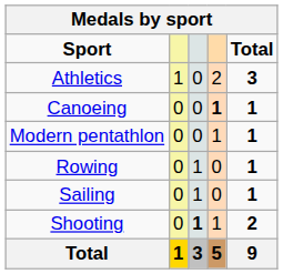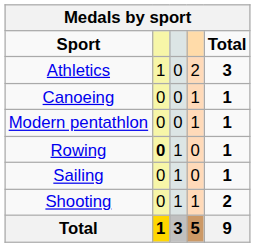 <table class=wikitable style="font-size:85%; float:right;text-align:center">
 <tr bgcolor=EFEFEF>
 <th colspan=7>Medals by sport</th>
 </tr>
 <tr>
 <td><strong>Sport</strong></td>
 <td bgcolor=F7F6A8></td>
 <td bgcolor=DCE5E5></td>
 <td bgcolor=FFDBA9></td>
 <td><strong>Total</strong></td>
 </tr>
 <tr>
 <td><a href='#'>Athletics</a></td>
 <td bgcolor=F7F6A8>1</td>
 <td bgcolor=DCE5E5>0</td>
 <td bgcolor=FFDAB9>2</td>
 <td><strong>3</strong></td>
 </tr>
 <tr>
 <td><a href='#'>Canoeing</a></td>
 <td bgcolor=F7F6A8>0</td>
 <td bgcolor=DCE5E5>0</td>
-<td bgcolor=FFDAB9><strong>1</strong></td>
+<td bgcolor=FFDAB9>1</td>
 <td><strong>1</strong></td>
 </tr>
 <tr>
 <td><a href='#'>Modern pentathlon</a></td>
 <td bgcolor=F7F6A8>0</td>
 <td bgcolor=DCE5E5>0</td>
 <td bgcolor=FFDAB9>1</td>
 <td><strong>1</strong></td>
 </tr>
 <tr>
 <td><a href='#'>Rowing</a></td>
-<td bgcolor=F7F6A8>0</td>
+<td bgcolor=F7F6A8><strong>0</strong></td>
 <td bgcolor=DCE5E5>1</td>
 <td bgcolor=FFDAB9>0</td>
 <td><strong>1</strong></td>
 </tr>
 <tr>
 <td><a href='#'>Sailing</a></td>
 <td bgcolor=F7F6A8>0</td>
 <td bgcolor=DCE5E5>1</td>
 <td bgcolor=FFDAB9>0</td>
 <td><strong>1</strong></td>
 </tr>
 <tr>
 <td><a href='#'>Shooting</a></td>
 <td bgcolor=F7F6A8>0</td>
-<td bgcolor=DCE5E5><strong>1</strong></td>
+<td bgcolor=DCE5E5>1</td>
 <td bgcolor=FFDAB9>1</td>
 <td><strong>2</strong></td>
 </tr>
 <tr>
 <th>Total</th>
 <th style=background:gold>1</th>
 <th style=background:silver>3</th>
 <th style=background:#C96>5</th>
 <th>9</th>
 </tr>
 </table>
